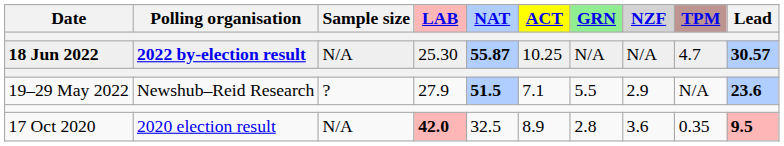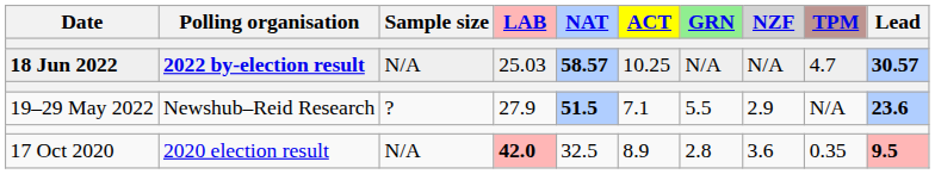 <table class="wikitable">
 <tr>
 <th>Date</th>
 <th>Polling organisation</th>
 <th>Sample size</th>
 <th style="background-color:#FFB6B6;width:40px"><a href='#'>LAB</a></th>
 <th style="background-color:#B0CEFF;width:40px"><a href='#'>NAT</a></th>
 <th style="background-color:#FFFF00;width:40px"><a href='#'>ACT</a></th>
 <th style="background-color:#90EE90;width:40px"><a href='#'>GRN</a></th>
 <th style="background-color:#D3D3D3;width:40px"><a href='#'>NZF</a></th>
 <th style="background-color:#BD9490;width:40px"><a href='#'>TPM</a></th>
 <th style="width:40px;">Lead</th>
 </tr>
 <tr style="background:#ddd;">
 <th colspan="10"></th>
 </tr>
 <tr style="background:#EFEFEF; font-weight:italic;">
 <td><strong>18 Jun 2022</strong></td>
 <td data-sort-value="z"><strong><a href='#'>2022 by-election result</a></strong></td>
 <td>N/A</td>
-<td>25.30</td>
-<td style="background:#B0CEFF;"><strong>55.87</strong></td>
+<td>25.03</td>
+<td style="background:#B0CEFF;"><strong>58.57</strong></td>
 <td>10.25</td>
 <td>N/A</td>
 <td>N/A</td>
 <td>4.7</td>
 <td style="background:#B0CEFF;"><strong>30.57</strong></td>
 </tr>
 <tr style="background:#ddd;">
 <th colspan="10"></th>
 </tr>
 <tr>
 <td>19–29 May 2022</td>
 <td>Newshub–Reid Research</td>
 <td>?</td>
 <td>27.9</td>
 <td style="background:#B0CEFF;"><strong>51.5</strong></td>
 <td>7.1</td>
 <td>5.5</td>
 <td>2.9</td>
 <td>N/A</td>
 <td style="background:#B0CEFF;"><strong>23.6</strong></td>
 </tr>
 <tr>
 <td colspan="10"></td>
 </tr>
 <tr>
 <td>17 Oct 2020</td>
 <td><a href='#'>2020 election result</a></td>
 <td>N/A</td>
 <td style="background-color:#FFB6B6;"><strong>42.0</strong></td>
 <td>32.5</td>
 <td>8.9</td>
 <td>2.8</td>
 <td>3.6</td>
 <td>0.35</td>
 <td style="background-color:#FFB6B6;"><strong>9.5</strong></td>
 </tr>
 </table>
